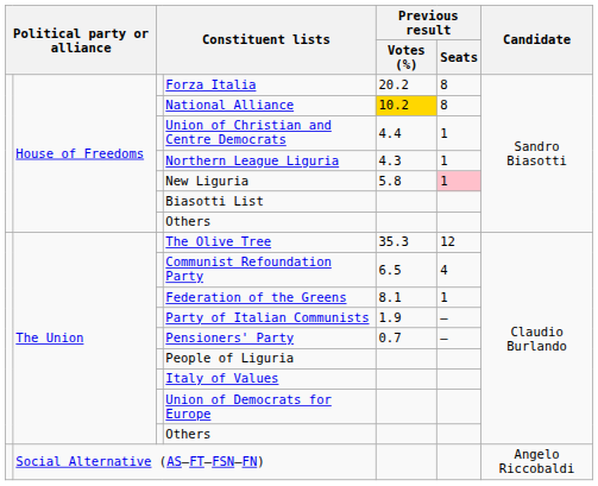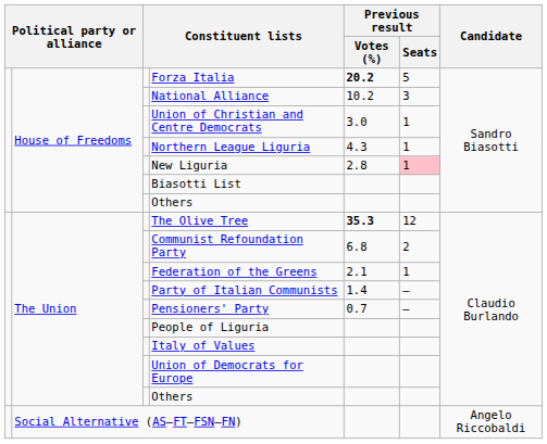 <table class="wikitable" style="text-align:left">
 <tr>
 <th colspan=2 rowspan="2">Political party or alliance</th>
 <th colspan=2 rowspan="2">Constituent lists</th>
 <th colspan="2">Previous result</th>
 <th rowspan="2">Candidate</th>
 </tr>
 <tr>
 <th>Votes (%)</th>
 <th>Seats</th>
 </tr>
 <tr>
 <td rowspan="7" style="background:"></td>
 <td rowspan=7><a href='#'>House of Freedoms</a></td>
 <td></td>
 <td style="text-align:left;"><a href='#'>Forza Italia</a></td>
-<td>20.2</td>
-<td>8</td>
+<td><strong>20.2</strong></td>
+<td>5</td>
 <td rowspan="7" style="text-align: center;">Sandro Biasotti</td>
 </tr>
 <tr>
 <td></td>
 <td style="text-align:left;"><a href='#'>National Alliance</a></td>
-<td style="background: gold;">10.2</td>
-<td>8</td>
+<td>10.2</td>
+<td>3</td>
 </tr>
 <tr>
 <td></td>
 <td style="text-align:left;"><a href='#'>Union of Christian and Centre Democrats</a></td>
-<td>4.4</td>
+<td>3.0</td>
 <td>1</td>
 </tr>
 <tr>
 <td></td>
 <td style="text-align:left;"><a href='#'>Northern League Liguria</a></td>
 <td>4.3</td>
 <td>1</td>
 </tr>
 <tr>
 <td></td>
 <td style="text-align:left;">New Liguria</td>
-<td>5.8</td>
+<td>2.8</td>
 <td style="background: pink;">1</td>
 </tr>
 <tr>
 <td style="background-color:"></td>
 <td>Biasotti List</td>
 <td></td>
 <td></td>
 </tr>
 <tr>
 <td></td>
 <td style="text-align:left;">Others</td>
 <td></td>
 <td></td>
 </tr>
 <tr>
 <td rowspan="9"></td>
 <td rowspan="9"><a href='#'>The Union</a></td>
 <td></td>
 <td style="text-align:left;"><a href='#'>The Olive Tree</a></td>
-<td>35.3</td>
+<td><strong>35.3</strong></td>
 <td>12</td>
 <td rowspan="9" style="text-align: center;">Claudio Burlando</td>
 </tr>
 <tr>
 <td style="background-color:"></td>
 <td><a href='#'>Communist Refoundation Party</a></td>
-<td>6.5</td>
-<td>4</td>
+<td>6.8</td>
+<td>2</td>
 </tr>
 <tr>
 <td></td>
 <td><a href='#'>Federation of the Greens</a></td>
-<td>8.1</td>
+<td>2.1</td>
 <td>1</td>
 </tr>
 <tr>
 <td></td>
 <td><a href='#'>Party of Italian Communists</a></td>
-<td>1.9</td>
+<td>1.4</td>
 <td>–</td>
 </tr>
 <tr>
 <td></td>
 <td><a href='#'>Pensioners' Party</a></td>
 <td>0.7</td>
 <td>–</td>
 </tr>
 <tr>
 <td style="background-color:"></td>
 <td>People of Liguria</td>
 <td></td>
 <td></td>
 </tr>
 <tr>
 <td></td>
 <td><a href='#'>Italy of Values</a></td>
 <td></td>
 <td></td>
 </tr>
 <tr>
 <td></td>
 <td><a href='#'>Union of Democrats for Europe</a></td>
 <td></td>
 <td></td>
 </tr>
 <tr>
 <td style="background-color:"></td>
 <td>Others</td>
 <td></td>
 <td></td>
 </tr>
 <tr>
 <td style="background-color:"></td>
 <td colspan="3"><a href='#'>Social Alternative</a> (<a href='#'>AS</a>–<a href='#'>FT</a>–<a href='#'>FSN</a>–<a href='#'>FN</a>)</td>
 <td></td>
 <td></td>
 <td style="text-align: center;">Angelo Riccobaldi</td>
 </tr>
 </table>
